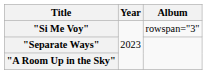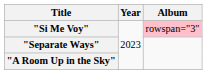 <table class="wikitable plainrowheaders" style="text-align:center;" border="1">
 <tr>
 <th scope="col">Title</th>
 <th scope="col">Year</th>
 <th scope="col">Album</th>
 </tr>
 <tr>
 <th scope="row">"Si Me Voy"<br></th>
 <td rowspan="3">2023</td>
-<td>rowspan="3" </td>
+<td style="background: pink;">rowspan="3" </td>
 </tr>
 <tr>
 <th scope="row">"Separate Ways"<br></th>
 </tr>
 <tr>
 <th scope="row">"A Room Up in the Sky"<br></th>
 </tr>
 </table>
